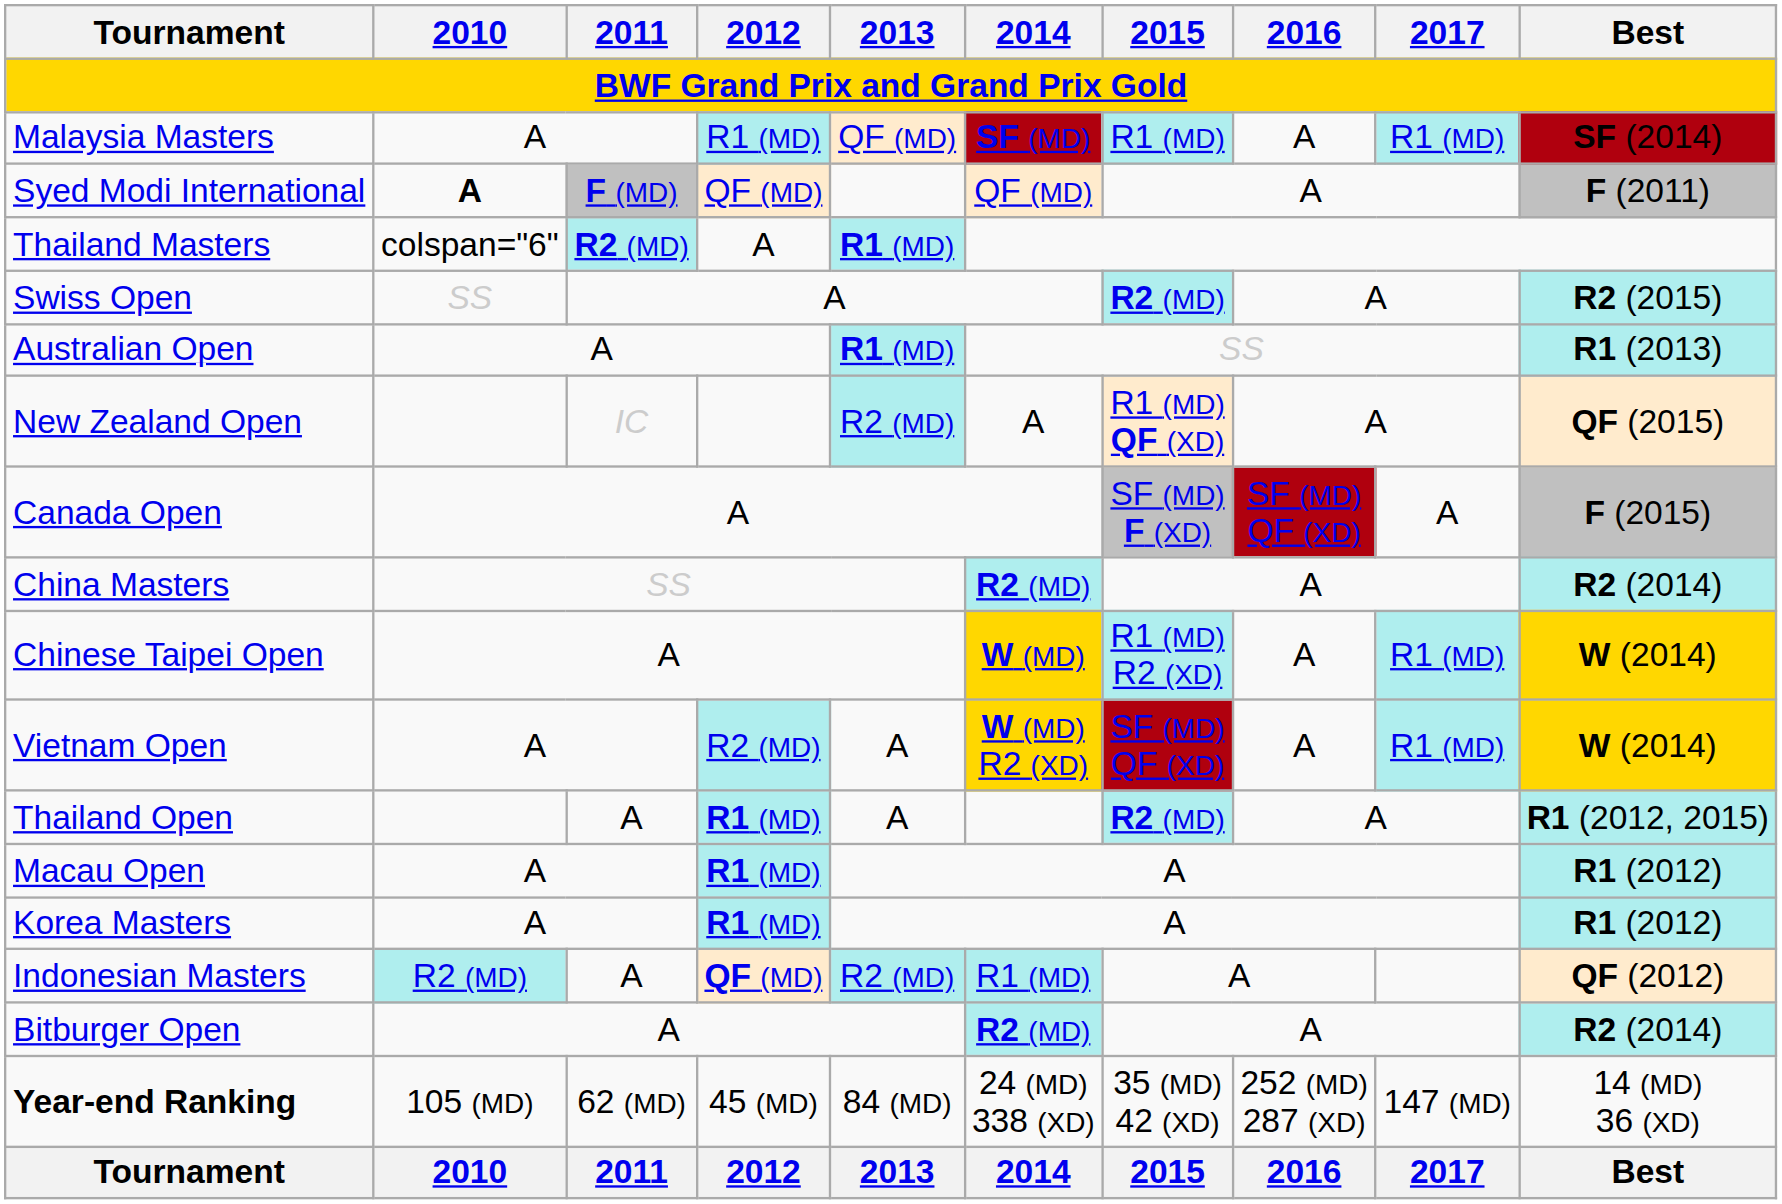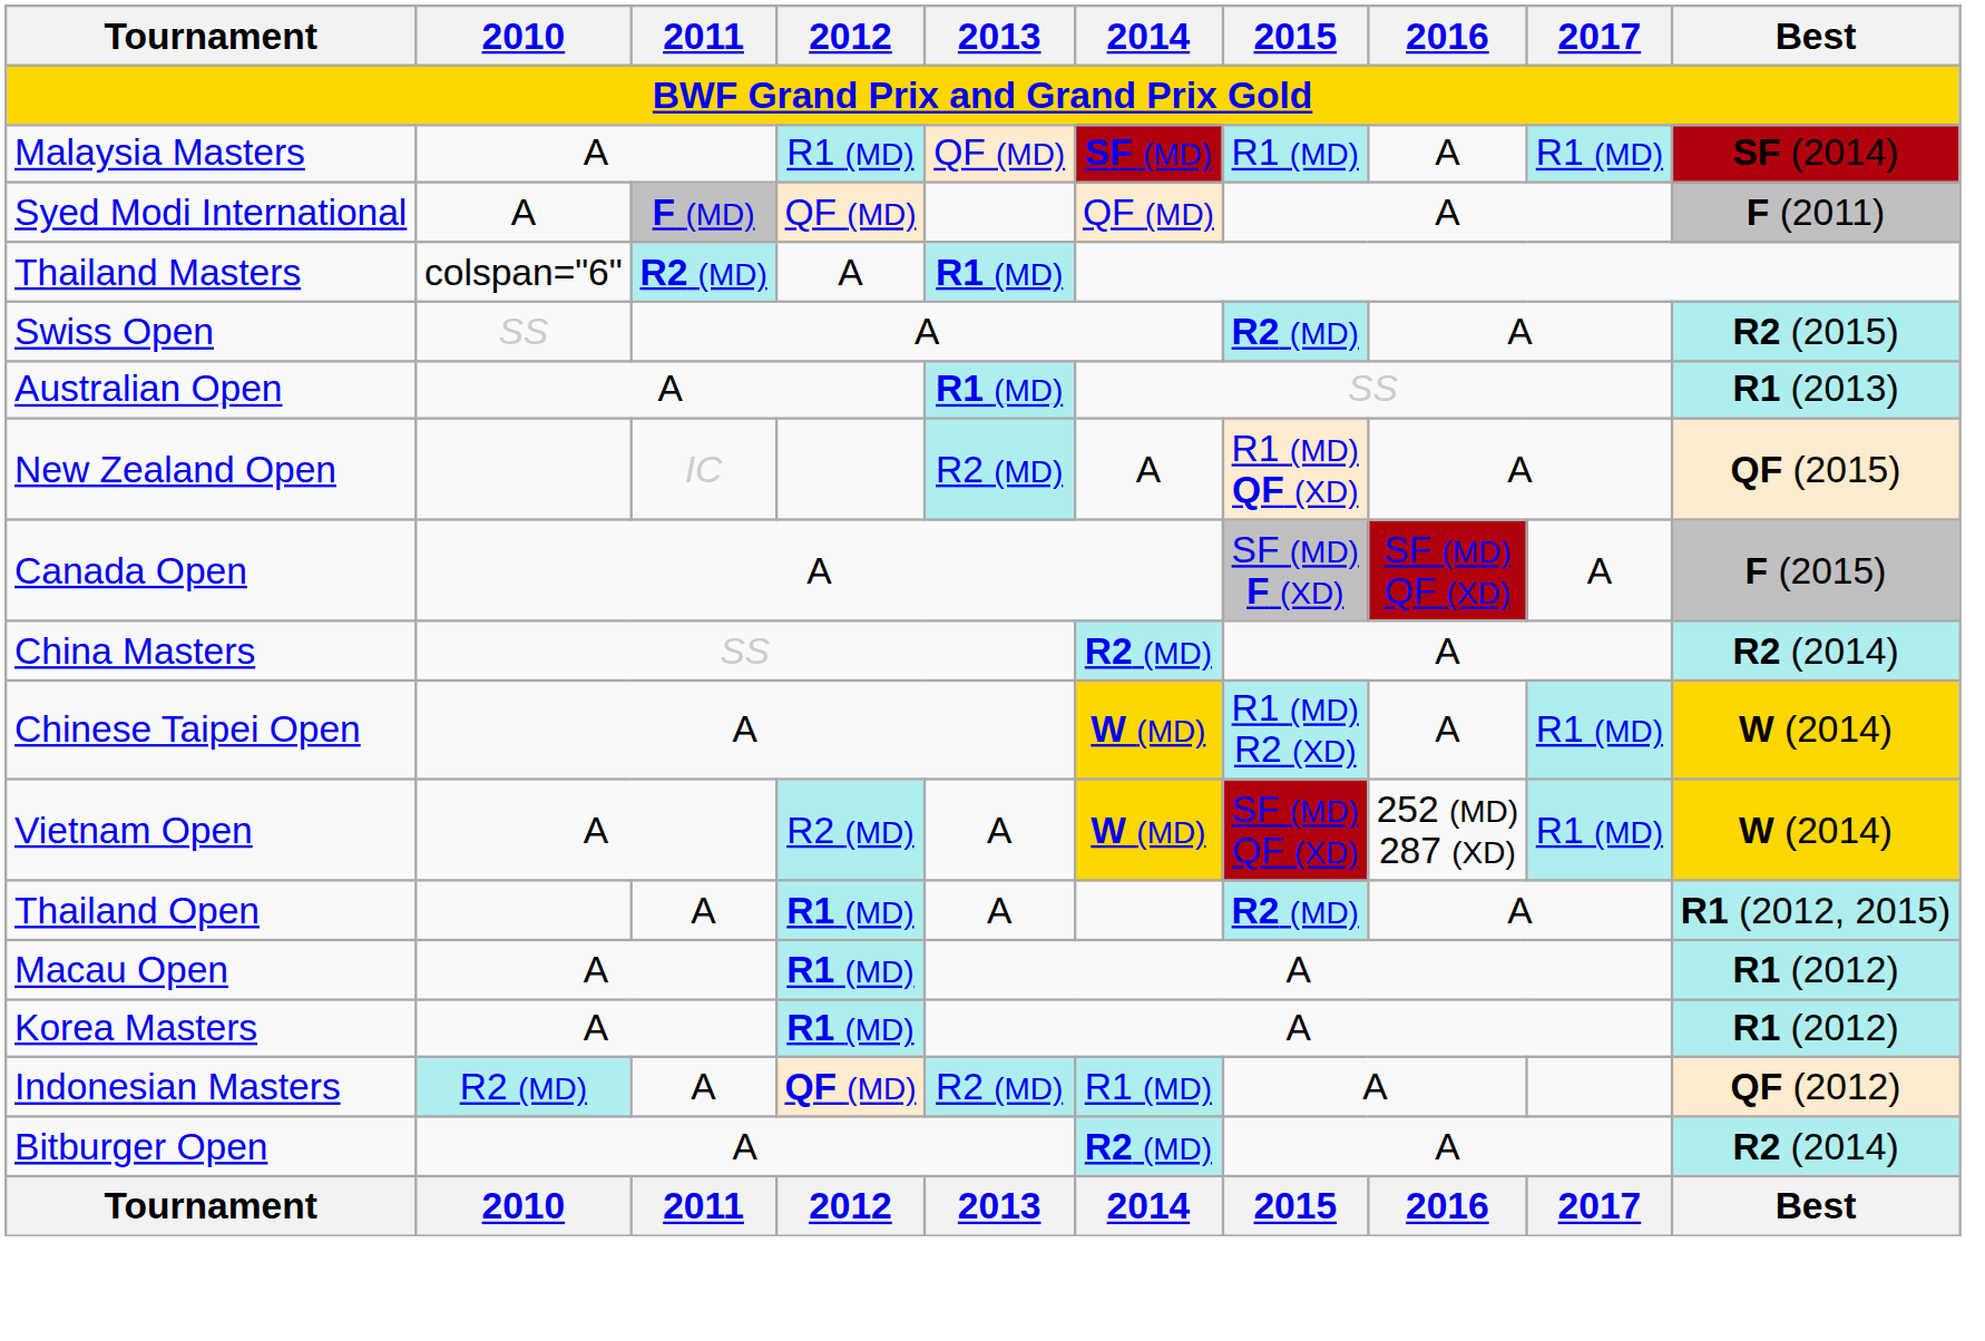 <table class="wikitable" style="font-size: 90%; text-align:center">
 <tr>
 <th>Tournament</th>
 <th><a href='#'>2010</a></th>
 <th><a href='#'>2011</a></th>
 <th><a href='#'>2012</a></th>
 <th><a href='#'>2013</a></th>
 <th><a href='#'>2014</a></th>
 <th><a href='#'>2015</a></th>
 <th><a href='#'>2016</a></th>
 <th><a href='#'>2017</a></th>
 <th>Best</th>
 </tr>
 <tr bgcolor=FFD700>
 <td colspan="10" align=center><strong><a href='#'>BWF Grand Prix and Grand Prix Gold</a></strong></td>
 </tr>
 <tr>
 <td align=left><a href='#'>Malaysia Masters</a></td>
 <td colspan="2">A</td>
 <td bgcolor=AFEEEE><a href='#'>R1 <small>(MD)</small></a></td>
 <td bgcolor=FFEBCD><a href='#'>QF <small>(MD)</small></a></td>
 <td bgcolor=Bronze><a href='#'><strong>SF</strong> <small>(MD)</small></a></td>
 <td bgcolor=AFEEEE><a href='#'>R1 <small>(MD)</small></a></td>
 <td>A</td>
 <td bgcolor=AFEEEE><a href='#'>R1 <small>(MD)</small></a></td>
 <td bgcolor=Bronze><strong>SF</strong> (2014)</td>
 </tr>
 <tr>
 <td align=left><a href='#'>Syed Modi International</a></td>
-<td><strong>A</strong></td>
+<td>A</td>
 <td bgcolor=Silver><a href='#'><strong>F</strong> <small>(MD)</small></a></td>
 <td bgcolor=FFEBCD><a href='#'>QF <small>(MD)</small></a></td>
 <td></td>
 <td bgcolor=FFEBCD><a href='#'>QF <small>(MD)</small></a></td>
 <td colspan="3">A</td>
 <td bgcolor=Silver><strong>F</strong> (2011)</td>
 </tr>
 <tr>
 <td align=left><a href='#'>Thailand Masters</a></td>
 <td>colspan="6" </td>
 <td bgcolor=AFEEEE><a href='#'><strong>R2</strong> <small>(MD)</small></a></td>
 <td>A</td>
 <td bgcolor=AFEEEE><a href='#'><strong>R1</strong> <small>(MD)</small></a></td>
 </tr>
 <tr>
 <td align=left><a href='#'>Swiss Open</a></td>
 <td style=color:#ccc><em>SS</em></td>
 <td colspan="4">A</td>
 <td bgcolor=AFEEEE><a href='#'><strong>R2</strong> <small>(MD)</small></a></td>
 <td colspan="2">A</td>
 <td bgcolor=AFEEEE><strong>R2</strong> (2015)</td>
 </tr>
 <tr>
 <td align=left><a href='#'>Australian Open</a></td>
 <td colspan="3">A</td>
 <td bgcolor=AFEEEE><a href='#'><strong>R1</strong> <small>(MD)</small></a></td>
 <td colspan="4" style=color:#ccc><em>SS</em></td>
 <td bgcolor=AFEEEE><strong>R1</strong> (2013)</td>
 </tr>
 <tr>
 <td align=left><a href='#'>New Zealand Open</a></td>
 <td></td>
 <td style=color:#ccc><em>IC</em></td>
 <td></td>
 <td bgcolor=AFEEEE><a href='#'>R2 <small>(MD)</small></a></td>
 <td>A</td>
 <td bgcolor=FFEBCD><a href='#'>R1 <small>(MD)</small></a><br> <a href='#'><strong>QF</strong> <small>(XD)</small></a></td>
 <td colspan="2">A</td>
 <td bgcolor=FFEBCD><strong>QF</strong> (2015)</td>
 </tr>
 <tr>
 <td align=left><a href='#'>Canada Open</a></td>
 <td colspan="5">A</td>
 <td bgcolor=Silver><a href='#'>SF <small>(MD)</small></a> <br> <a href='#'><strong>F</strong> <small>(XD)</small></a></td>
 <td bgcolor=bronze><a href='#'>SF <small>(MD)</small></a> <br> <a href='#'>QF <small>(XD)</small></a></td>
 <td>A</td>
 <td bgcolor=Silver><strong>F</strong> (2015)</td>
 </tr>
 <tr>
 <td align=left><a href='#'>China Masters</a></td>
 <td colspan="4" style=color:#ccc><em>SS</em></td>
 <td bgcolor=AFEEEE><a href='#'><strong>R2</strong> <small>(MD)</small></a></td>
 <td colspan="3">A</td>
 <td bgcolor=AFEEEE><strong>R2</strong> (2014)</td>
 </tr>
 <tr>
 <td align=left><a href='#'>Chinese Taipei Open</a></td>
 <td colspan="4">A</td>
 <td bgcolor=Gold><a href='#'><strong>W</strong> <small>(MD)</small></a></td>
 <td bgcolor=AFEEEE><a href='#'>R1 <small>(MD)</small></a> <br> <a href='#'>R2 <small>(XD)</small></a></td>
 <td>A</td>
 <td bgcolor=AFEEEE><a href='#'>R1 <small>(MD)</small></a></td>
 <td bgcolor=Gold><strong>W</strong> (2014)</td>
 </tr>
 <tr>
 <td align=left><a href='#'>Vietnam Open</a></td>
 <td colspan="2">A</td>
 <td bgcolor=AFEEEE><a href='#'>R2 <small>(MD)</small></a></td>
 <td>A</td>
-<td bgcolor=Gold><a href='#'><strong>W</strong> <small>(MD)</small></a> <br> <a href='#'>R2 <small>(XD)</small></a></td>
+<td bgcolor=Gold><a href='#'><strong>W</strong> <small>(MD)</small></a></td>
 <td bgcolor=bronze><a href='#'>SF <small>(MD)</small></a> <br> <a href='#'>QF <small>(XD)</small></a></td>
-<td>A</td>
+<td align=center>252 <small>(MD)</small> <br> 287 <small>(XD)</small></td>
 <td bgcolor=AFEEEE><a href='#'>R1 <small>(MD)</small></a></td>
 <td bgcolor=Gold><strong>W</strong> (2014)</td>
 </tr>
 <tr>
 <td align=left><a href='#'>Thailand Open</a></td>
 <td></td>
 <td>A</td>
 <td bgcolor=AFEEEE><a href='#'><strong>R1</strong> <small>(MD)</small></a></td>
 <td>A</td>
 <td></td>
 <td bgcolor=AFEEEE><a href='#'><strong>R2</strong> <small>(MD)</small></a></td>
 <td colspan="2">A</td>
 <td bgcolor=AFEEEE><strong>R1</strong> (2012, 2015)</td>
 </tr>
 <tr>
 <td align=left><a href='#'>Macau Open</a></td>
 <td colspan="2">A</td>
 <td bgcolor=AFEEEE><a href='#'><strong>R1</strong> <small>(MD)</small></a></td>
 <td colspan="5">A</td>
 <td bgcolor=AFEEEE><strong>R1</strong> (2012)</td>
 </tr>
 <tr>
 <td align=left><a href='#'>Korea Masters</a></td>
 <td colspan="2">A</td>
 <td bgcolor=AFEEEE><a href='#'><strong>R1</strong> <small>(MD)</small></a></td>
 <td colspan="5">A</td>
 <td bgcolor=AFEEEE><strong>R1</strong> (2012)</td>
 </tr>
 <tr>
 <td align=left><a href='#'>Indonesian Masters</a></td>
 <td bgcolor=AFEEEE><a href='#'>R2 <small>(MD)</small></a></td>
 <td>A</td>
 <td bgcolor=FFEBCD><a href='#'><strong>QF</strong> <small>(MD)</small></a></td>
 <td bgcolor=AFEEEE><a href='#'>R2 <small>(MD)</small></a></td>
 <td bgcolor=AFEEEE><a href='#'>R1 <small>(MD)</small></a></td>
 <td colspan="2">A</td>
 <td></td>
 <td bgcolor=FFEBCD><strong>QF</strong> (2012)</td>
 </tr>
 <tr>
 <td align=left><a href='#'>Bitburger Open</a></td>
 <td colspan="4">A</td>
 <td bgcolor=AFEEEE><a href='#'><strong>R2</strong> <small>(MD)</small></a></td>
 <td colspan="3">A</td>
 <td bgcolor=AFEEEE><strong>R2</strong> (2014)</td>
 </tr>
 <tr>
-<td align=left><strong>Year-end Ranking</strong></td>
-<td align=center>105 <small>(MD)</small></td>
-<td align=center>62 <small>(MD)</small></td>
-<td align=center>45 <small>(MD)</small></td>
-<td align=center>84 <small>(MD)</small></td>
-<td align=center>24 <small>(MD)</small> <br> 338 <small>(XD)</small></td>
-<td align=center>35 <small>(MD)</small> <br> 42 <small>(XD)</small></td>
-<td align=center>252 <small>(MD)</small> <br> 287 <small>(XD)</small></td>
-<td align=center>147 <small>(MD)</small></td>
-<td align=center>14 <small>(MD)</small> <br> 36 <small>(XD)</small></td>
-</tr>
-<tr>
 <th>Tournament</th>
 <th><a href='#'>2010</a></th>
 <th><a href='#'>2011</a></th>
 <th><a href='#'>2012</a></th>
 <th><a href='#'>2013</a></th>
 <th><a href='#'>2014</a></th>
 <th><a href='#'>2015</a></th>
 <th><a href='#'>2016</a></th>
 <th><a href='#'>2017</a></th>
 <th>Best</th>
 </tr>
 </table>
